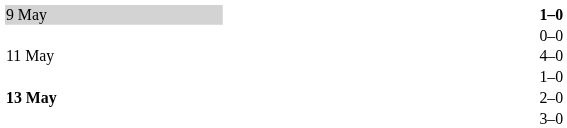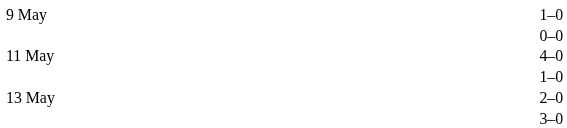 <table cellspacing=1 width=70%>
 <tr>
 <th width=25%></th>
 <th width=30%></th>
 <th width=15%></th>
 <th width=30%></th>
 </tr>
 <tr>
-<td style="background: lightgrey;">9 May</td>
+<td>9 May</td>
 <td align=right></td>
-<td align=center><strong>1–0</strong></td>
+<td align=center>1–0</td>
 <td></td>
 </tr>
 <tr>
 <td></td>
 <td align=right></td>
 <td align=center>0–0</td>
 <td></td>
 </tr>
 <tr>
 <td>11 May</td>
 <td align=right></td>
 <td align=center>4–0</td>
 <td></td>
 </tr>
 <tr>
 <td></td>
 <td align=right></td>
 <td align=center>1–0</td>
 <td></td>
 </tr>
 <tr>
-<td><strong>13 May</strong></td>
+<td>13 May</td>
 <td align=right></td>
 <td align=center>2–0</td>
 <td></td>
 </tr>
 <tr>
 <td></td>
 <td align=right></td>
 <td align=center>3–0</td>
 <td></td>
 </tr>
 </table>
